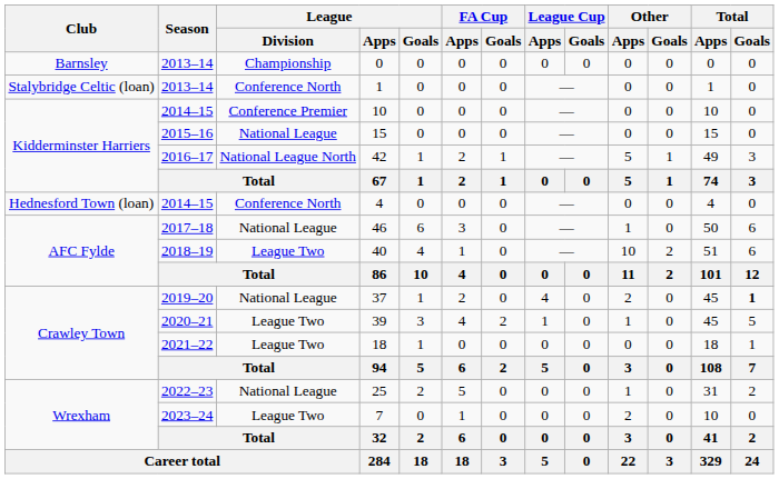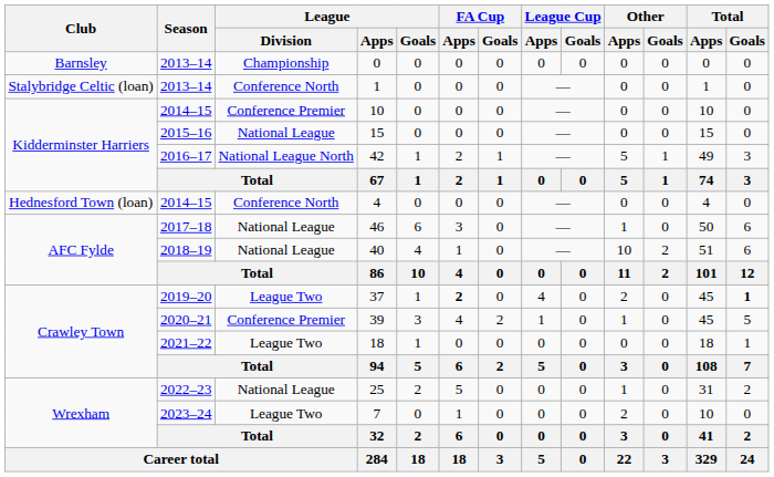 <table class="wikitable" style="text-align: center">
 <tr>
 <th rowspan="2">Club</th>
 <th rowspan="2">Season</th>
 <th colspan="3">League</th>
 <th colspan="2"><a href='#'>FA Cup</a></th>
 <th colspan="2"><a href='#'>League Cup</a></th>
 <th colspan="2">Other</th>
 <th colspan="2">Total</th>
 </tr>
 <tr>
 <th>Division</th>
 <th>Apps</th>
 <th>Goals</th>
 <th>Apps</th>
 <th>Goals</th>
 <th>Apps</th>
 <th>Goals</th>
 <th>Apps</th>
 <th>Goals</th>
 <th>Apps</th>
 <th>Goals</th>
 </tr>
 <tr>
 <td><a href='#'>Barnsley</a></td>
 <td><a href='#'>2013–14</a></td>
 <td><a href='#'>Championship</a></td>
 <td>0</td>
 <td>0</td>
 <td>0</td>
 <td>0</td>
 <td>0</td>
 <td>0</td>
 <td>0</td>
 <td>0</td>
 <td>0</td>
 <td>0</td>
 </tr>
 <tr>
 <td><a href='#'>Stalybridge Celtic</a> (loan)</td>
 <td><a href='#'>2013–14</a></td>
 <td><a href='#'>Conference North</a></td>
 <td>1</td>
 <td>0</td>
 <td>0</td>
 <td>0</td>
 <td colspan="2">—</td>
 <td>0</td>
 <td>0</td>
 <td>1</td>
 <td>0</td>
 </tr>
 <tr>
 <td rowspan="4"><a href='#'>Kidderminster Harriers</a></td>
 <td><a href='#'>2014–15</a></td>
 <td><a href='#'>Conference Premier</a></td>
 <td>10</td>
 <td>0</td>
 <td>0</td>
 <td>0</td>
 <td colspan="2">—</td>
 <td>0</td>
 <td>0</td>
 <td>10</td>
 <td>0</td>
 </tr>
 <tr>
 <td><a href='#'>2015–16</a></td>
 <td><a href='#'>National League</a></td>
 <td>15</td>
 <td>0</td>
 <td>0</td>
 <td>0</td>
 <td colspan="2">—</td>
 <td>0</td>
 <td>0</td>
 <td>15</td>
 <td>0</td>
 </tr>
 <tr>
 <td><a href='#'>2016–17</a></td>
 <td><a href='#'>National League North</a></td>
 <td>42</td>
 <td>1</td>
 <td>2</td>
 <td>1</td>
 <td colspan="2">—</td>
 <td>5</td>
 <td>1</td>
 <td>49</td>
 <td>3</td>
 </tr>
 <tr>
 <th colspan="2">Total</th>
 <th>67</th>
 <th>1</th>
 <th>2</th>
 <th>1</th>
 <th>0</th>
 <th>0</th>
 <th>5</th>
 <th>1</th>
 <th>74</th>
 <th>3</th>
 </tr>
 <tr>
 <td><a href='#'>Hednesford Town</a> (loan)</td>
 <td><a href='#'>2014–15</a></td>
 <td><a href='#'>Conference North</a></td>
 <td>4</td>
 <td>0</td>
 <td>0</td>
 <td>0</td>
 <td colspan="2">—</td>
 <td>0</td>
 <td>0</td>
 <td>4</td>
 <td>0</td>
 </tr>
 <tr>
 <td rowspan="3"><a href='#'>AFC Fylde</a></td>
 <td><a href='#'>2017–18</a></td>
 <td>National League</td>
 <td>46</td>
 <td>6</td>
 <td>3</td>
 <td>0</td>
 <td colspan="2">—</td>
 <td>1</td>
 <td>0</td>
 <td>50</td>
 <td>6</td>
 </tr>
 <tr>
 <td><a href='#'>2018–19</a></td>
-<td><a href='#'>League Two</a></td>
+<td>National League</td>
 <td>40</td>
 <td>4</td>
 <td>1</td>
 <td>0</td>
 <td colspan="2">—</td>
 <td>10</td>
 <td>2</td>
 <td>51</td>
 <td>6</td>
 </tr>
 <tr>
 <th colspan="2">Total</th>
 <th>86</th>
 <th>10</th>
 <th>4</th>
 <th>0</th>
 <th>0</th>
 <th>0</th>
 <th>11</th>
 <th>2</th>
 <th>101</th>
 <th>12</th>
 </tr>
 <tr>
 <td rowspan="4"><a href='#'>Crawley Town</a></td>
 <td><a href='#'>2019–20</a></td>
-<td>National League</td>
+<td><a href='#'>League Two</a></td>
 <td>37</td>
 <td>1</td>
-<td>2</td>
+<td><strong>2</strong></td>
 <td>0</td>
 <td>4</td>
 <td>0</td>
 <td>2</td>
 <td>0</td>
 <td>45</td>
 <td><strong>1</strong></td>
 </tr>
 <tr>
 <td><a href='#'>2020–21</a></td>
-<td>League Two</td>
+<td><a href='#'>Conference Premier</a></td>
 <td>39</td>
 <td>3</td>
 <td>4</td>
 <td>2</td>
 <td>1</td>
 <td>0</td>
 <td>1</td>
 <td>0</td>
 <td>45</td>
 <td>5</td>
 </tr>
 <tr>
 <td><a href='#'>2021–22</a></td>
 <td>League Two</td>
 <td>18</td>
 <td>1</td>
 <td>0</td>
 <td>0</td>
 <td>0</td>
 <td>0</td>
 <td>0</td>
 <td>0</td>
 <td>18</td>
 <td>1</td>
 </tr>
 <tr>
 <th colspan="2">Total</th>
 <th>94</th>
 <th>5</th>
 <th>6</th>
 <th>2</th>
 <th>5</th>
 <th>0</th>
 <th>3</th>
 <th>0</th>
 <th>108</th>
 <th>7</th>
 </tr>
 <tr>
 <td rowspan="3"><a href='#'>Wrexham</a></td>
 <td><a href='#'>2022–23</a></td>
 <td>National League</td>
 <td>25</td>
 <td>2</td>
 <td>5</td>
 <td>0</td>
 <td>0</td>
 <td>0</td>
 <td>1</td>
 <td>0</td>
 <td>31</td>
 <td>2</td>
 </tr>
 <tr>
 <td><a href='#'>2023–24</a></td>
 <td>League Two</td>
 <td>7</td>
 <td>0</td>
 <td>1</td>
 <td>0</td>
 <td>0</td>
 <td>0</td>
 <td>2</td>
 <td>0</td>
 <td>10</td>
 <td>0</td>
 </tr>
 <tr>
 <th colspan="2">Total</th>
 <th>32</th>
 <th>2</th>
 <th>6</th>
 <th>0</th>
 <th>0</th>
 <th>0</th>
 <th>3</th>
 <th>0</th>
 <th>41</th>
 <th>2</th>
 </tr>
 <tr>
 <th colspan="3">Career total</th>
 <th>284</th>
 <th>18</th>
 <th>18</th>
 <th>3</th>
 <th>5</th>
 <th>0</th>
 <th>22</th>
 <th>3</th>
 <th>329</th>
 <th>24</th>
 </tr>
 </table>
